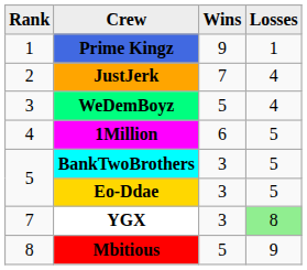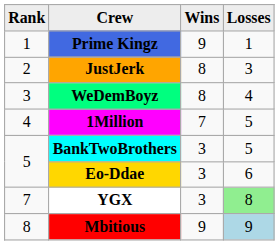 <table class="wikitable" style="text-align:center; font-size:90%">
 <tr>
 <th style="background:#EDEDED">Rank</th>
 <th style="background:#EDEDED">Crew</th>
 <th style="background:#EDEDED">Wins</th>
 <th style="background:#EDEDED">Losses</th>
 </tr>
 <tr>
 <td>1</td>
 <td style="background:royalblue"><strong>Prime Kingz</strong></td>
 <td>9</td>
 <td>1</td>
 </tr>
 <tr>
 <td>2</td>
 <td style="background:orange"><strong>JustJerk</strong></td>
-<td>7</td>
-<td>4</td>
+<td>8</td>
+<td>3</td>
 </tr>
 <tr>
 <td>3</td>
 <td style="background:springgreen"><strong>WeDemBoyz</strong></td>
-<td>5</td>
+<td>8</td>
 <td>4</td>
 </tr>
 <tr>
 <td>4</td>
 <td style="background:magenta"><strong>1Million</strong></td>
-<td>6</td>
+<td>7</td>
 <td>5</td>
 </tr>
 <tr>
 <td rowspan="2">5</td>
 <td style="background:aqua"><strong>BankTwoBrothers</strong></td>
 <td>3</td>
 <td>5</td>
 </tr>
 <tr>
 <td style="background:gold"><strong>Eo-Ddae</strong></td>
 <td>3</td>
-<td>5</td>
+<td>6</td>
 </tr>
 <tr>
 <td>7</td>
 <td style="background:white"><strong>YGX</strong></td>
 <td>3</td>
 <td style="background: lightgreen;">8</td>
 </tr>
 <tr>
 <td>8</td>
 <td style="background:red"><strong>Mbitious</strong></td>
-<td>5</td>
 <td>9</td>
+<td style="background: lightblue;">9</td>
 </tr>
 </table>
